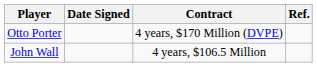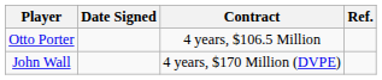 <table class="wikitable sortable sortable">
 <tr>
 <th>Player</th>
 <th>Date Signed</th>
 <th>Contract</th>
 <th>Ref.</th>
 </tr>
 <tr style="text-align: center">
 <td><a href='#'>Otto Porter</a></td>
 <td></td>
-<td>4 years, $170 Million (<a href='#'>DVPE</a>)</td>
+<td>4 years, $106.5 Million</td>
 <td></td>
 </tr>
 <tr style="text-align: center">
 <td><a href='#'>John Wall</a></td>
 <td></td>
-<td>4 years, $106.5 Million</td>
+<td>4 years, $170 Million (<a href='#'>DVPE</a>)</td>
 <td></td>
 </tr>
 </table>
